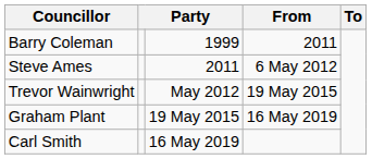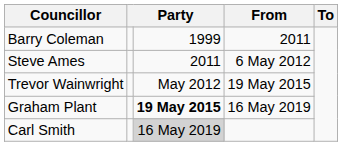 <table class=wikitable>
 <tr>
 <th>Councillor</th>
 <th colspan=2>Party</th>
 <th>From</th>
 <th>To</th>
 </tr>
 <tr>
 <td>Barry Coleman</td>
 <td></td>
 <td align=right>1999</td>
 <td align=right>2011</td>
 </tr>
 <tr>
 <td>Steve Ames</td>
 <td></td>
 <td align=right>2011</td>
 <td align=right>6 May 2012</td>
 </tr>
 <tr>
 <td>Trevor Wainwright</td>
 <td></td>
 <td align=right>May 2012</td>
 <td align=right>19 May 2015</td>
 </tr>
 <tr>
 <td>Graham Plant</td>
 <td></td>
-<td align=right>19 May 2015</td>
+<td align=right><strong>19 May 2015</strong></td>
 <td align=right>16 May 2019</td>
 </tr>
 <tr>
 <td>Carl Smith</td>
 <td></td>
-<td align=right>16 May 2019</td>
+<td align=right style="background: lightgrey;">16 May 2019</td>
 <td></td>
 </tr>
 </table>
